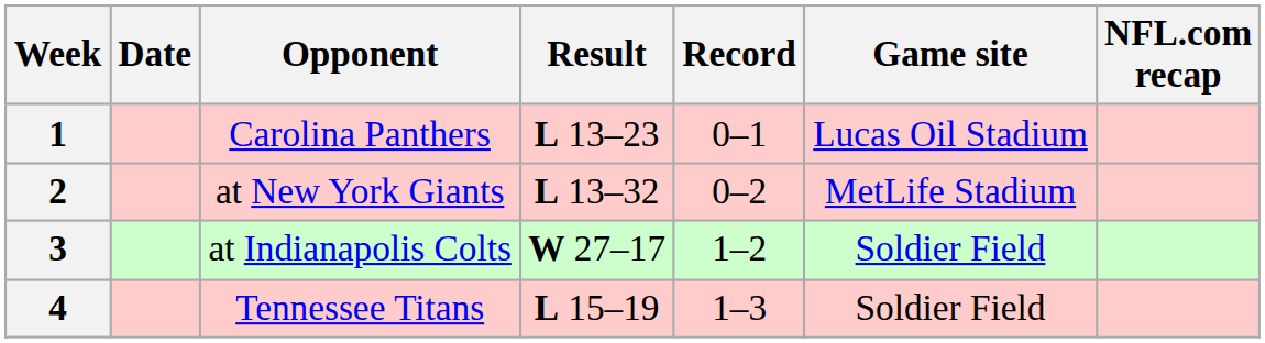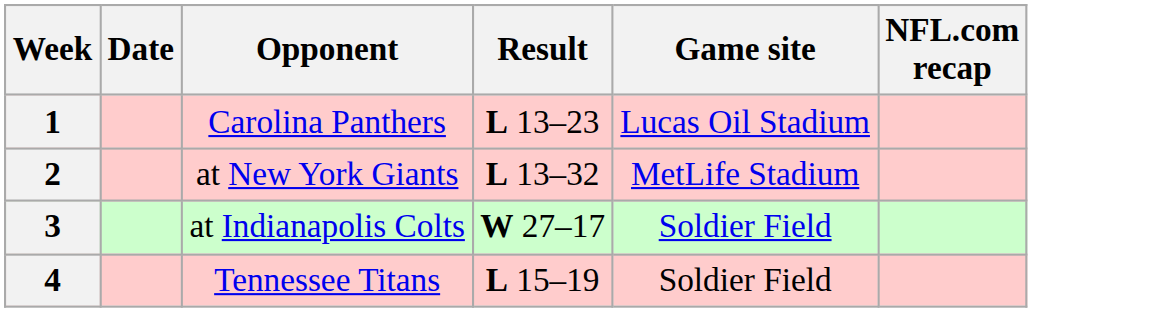 <table class="wikitable" style="text-align:center">
 <tr>
 <th>Week</th>
 <th>Date</th>
 <th>Opponent</th>
 <th>Result</th>
-<th>Record</th>
 <th>Game site</th>
 <th>NFL.com<br>recap</th>
 </tr>
 <tr style="background:#fcc">
 <th>1</th>
 <td></td>
 <td><a href='#'>Carolina Panthers</a></td>
 <td><strong>L</strong> 13–23</td>
-<td>0–1</td>
 <td><a href='#'>Lucas Oil Stadium</a></td>
 <td></td>
 </tr>
 <tr style="background:#fcc">
 <th>2</th>
 <td></td>
 <td>at <a href='#'>New York Giants</a></td>
 <td><strong>L</strong> 13–32</td>
-<td>0–2</td>
 <td><a href='#'>MetLife Stadium</a></td>
 <td></td>
 </tr>
 <tr style="background:#cfc">
 <th>3</th>
 <td></td>
 <td>at <a href='#'>Indianapolis Colts</a></td>
 <td><strong>W</strong> 27–17</td>
-<td>1–2</td>
 <td><a href='#'>Soldier Field</a></td>
 <td></td>
 </tr>
 <tr style="background:#fcc">
 <th>4</th>
 <td></td>
 <td><a href='#'>Tennessee Titans</a></td>
 <td><strong>L</strong> 15–19</td>
-<td>1–3</td>
 <td>Soldier Field</td>
 <td></td>
 </tr>
 </table>
